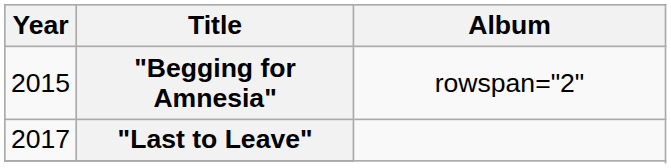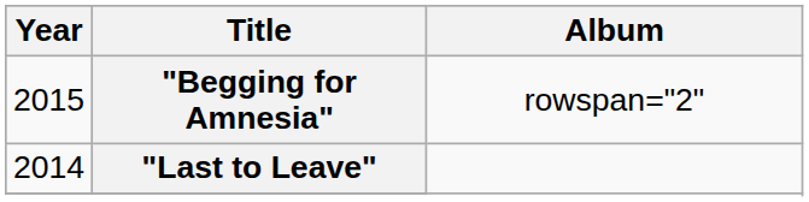 <table class="wikitable plainrowheaders" style="text-align:center;">
 <tr>
 <th scope="col">Year</th>
 <th scope="col" style="width:160px;">Title</th>
 <th scope="col" style="width:180px;">Album</th>
 </tr>
 <tr>
 <td>2015</td>
 <th scope="row">"Begging for Amnesia"<br></th>
 <td>rowspan="2" </td>
 </tr>
 <tr>
-<td>2017</td>
+<td>2014</td>
 <th scope="row">"Last to Leave"<br></th>
 </tr>
 <tr>
 </tr>
 </table>
